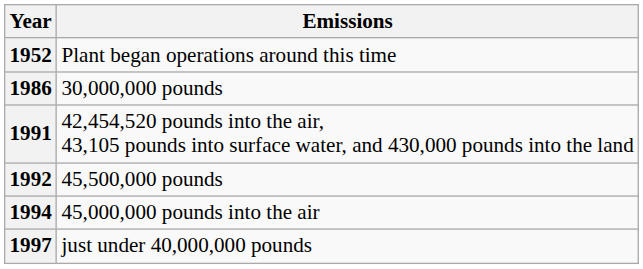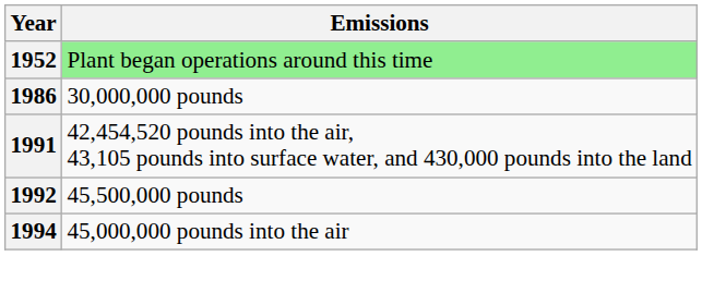 <table class="wikitable">
 <tr>
 <th>Year</th>
 <th>Emissions</th>
 </tr>
 <tr>
 <th>1952</th>
-<td>Plant began operations around this time</td>
+<td style="background: lightgreen;">Plant began operations around this time</td>
 </tr>
 <tr>
 <th>1986</th>
 <td>30,000,000 pounds</td>
 </tr>
 <tr>
 <th>1991</th>
 <td>42,454,520 pounds into the air,<br>43,105 pounds into surface water,  and 430,000 pounds into the land</td>
 </tr>
 <tr>
 <th>1992</th>
 <td>45,500,000 pounds</td>
 </tr>
 <tr>
 <th>1994</th>
 <td>45,000,000 pounds into the air</td>
 </tr>
-<tr>
-<th>1997</th>
-<td>just under 40,000,000 pounds</td>
-</tr>
 </table>
